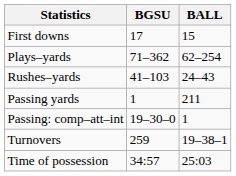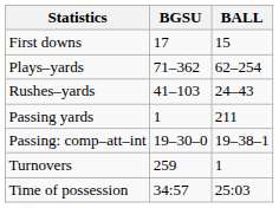 <table class="wikitable" style="float:left">
 <tr>
 <th>Statistics</th>
 <th>BGSU</th>
 <th>BALL</th>
 </tr>
 <tr>
 <td>First downs</td>
 <td>17</td>
 <td>15</td>
 </tr>
 <tr>
 <td>Plays–yards</td>
 <td>71–362</td>
 <td>62–254</td>
 </tr>
 <tr>
 <td>Rushes–yards</td>
 <td>41–103</td>
 <td>24–43</td>
 </tr>
 <tr>
 <td>Passing yards</td>
 <td>1</td>
 <td>211</td>
 </tr>
 <tr>
 <td>Passing: comp–att–int</td>
 <td>19–30–0</td>
-<td>1</td>
+<td>19–38–1</td>
 </tr>
 <tr>
 <td>Turnovers</td>
 <td>259</td>
-<td>19–38–1</td>
+<td>1</td>
 </tr>
 <tr>
 <td>Time of possession</td>
 <td>34:57</td>
 <td>25:03</td>
 </tr>
 </table>
